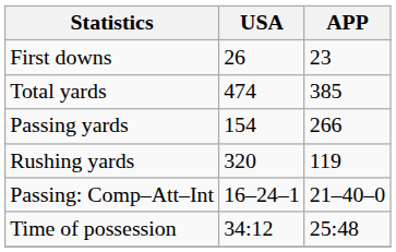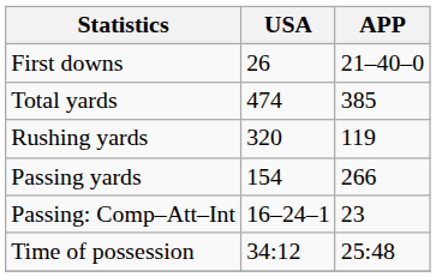 <table class="wikitable" style="float: left;">
 <tr>
 <th>Statistics</th>
 <th>USA</th>
 <th>APP</th>
 </tr>
 <tr>
 <td>First downs</td>
 <td>26</td>
-<td>23</td>
+<td>21–40–0</td>
 </tr>
 <tr>
 <td>Total yards</td>
 <td>474</td>
 <td>385</td>
 </tr>
 <tr>
+<td>Rushing yards</td>
+<td>320</td>
+<td>119</td>
+</tr>
+<tr>
 <td>Passing yards</td>
 <td>154</td>
 <td>266</td>
 </tr>
 <tr>
-<td>Rushing yards</td>
-<td>320</td>
-<td>119</td>
-</tr>
-<tr>
 <td>Passing: Comp–Att–Int</td>
 <td>16–24–1</td>
-<td>21–40–0</td>
+<td>23</td>
 </tr>
 <tr>
 <td>Time of possession</td>
 <td>34:12</td>
 <td>25:48</td>
 </tr>
 <tr>
 </tr>
 </table>
